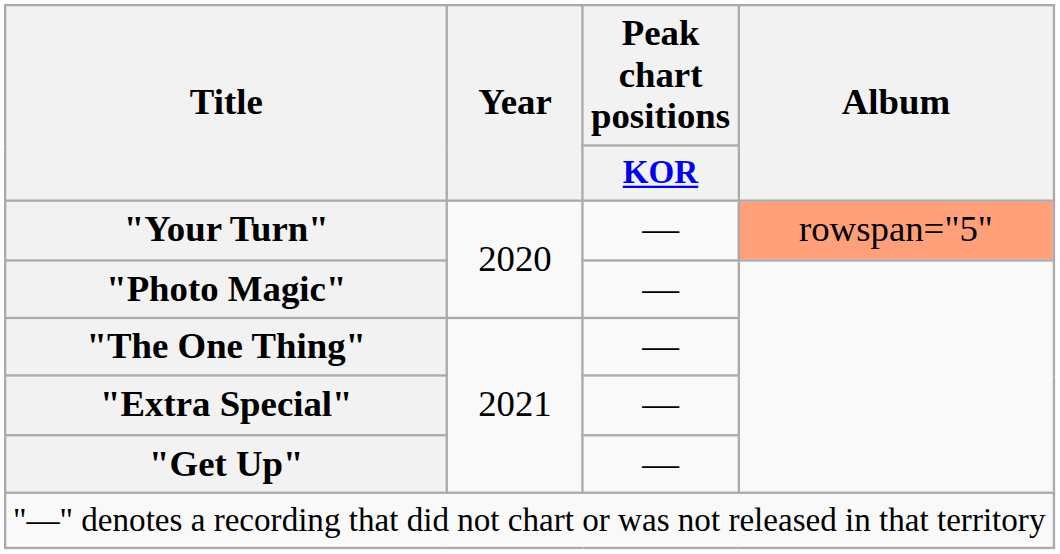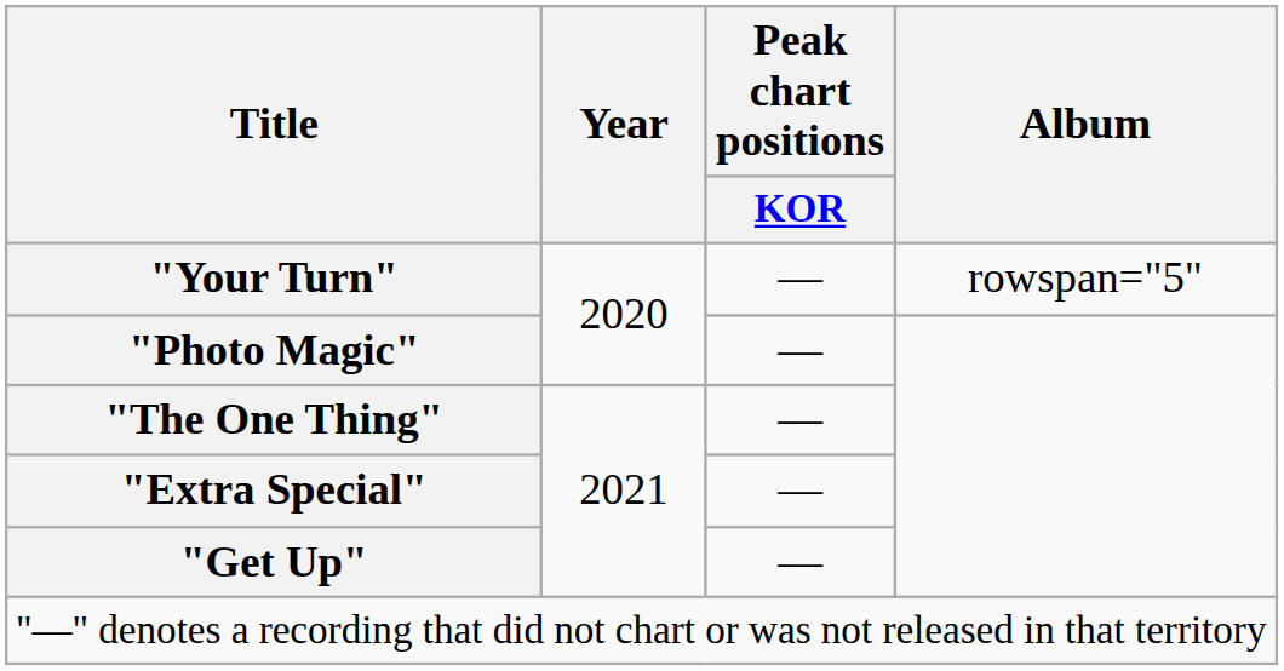 <table class="wikitable plainrowheaders" style="text-align:center;">
 <tr>
 <th scope="col" rowspan="2">Title</th>
 <th scope="col" rowspan="2">Year</th>
 <th scope="col" colspan="1">Peak chart positions</th>
 <th scope="col" rowspan="2">Album</th>
 </tr>
 <tr>
 <th scope="col" style="width:3em;font-size:90%;"><a href='#'>KOR</a><br></th>
 </tr>
 <tr>
 <th scope="row">"Your Turn"</th>
 <td rowspan="2">2020</td>
 <td>—</td>
-<td style="background: lightsalmon;">rowspan="5" </td>
+<td>rowspan="5" </td>
 </tr>
 <tr>
 <th scope="row">"Photo Magic"</th>
 <td>—</td>
 </tr>
 <tr>
 <th scope="row">"The One Thing"</th>
 <td rowspan="3">2021</td>
 <td>—</td>
 </tr>
 <tr>
 <th scope="row">"Extra Special"</th>
 <td>—</td>
 </tr>
 <tr>
 <th scope="row">"Get Up"</th>
 <td>—</td>
 </tr>
 <tr>
 <td colspan="4" style="font-size:90%">"—" denotes a recording that did not chart or was not released in that territory</td>
 </tr>
 </table>
